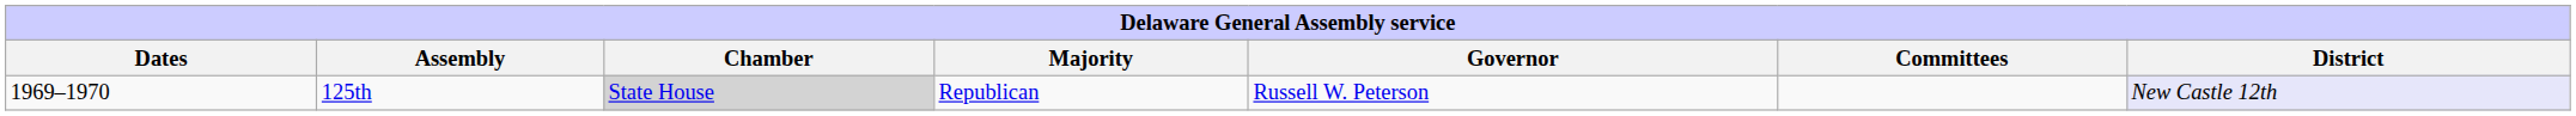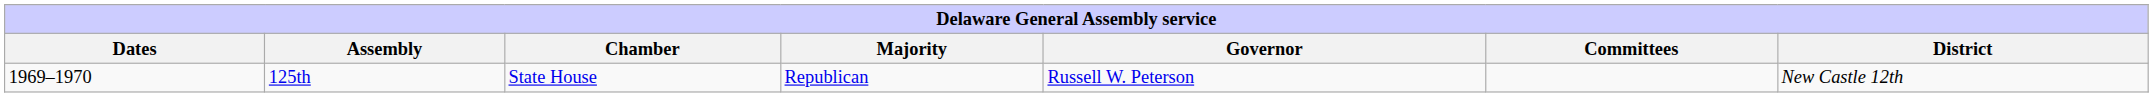 <table class=wikitable style="width: 94%" style="text-align: center;" align="center">
 <tr bgcolor=#cccccc>
 <th colspan=7 style="background: #ccccff;">Delaware General Assembly service</th>
 </tr>
 <tr>
 <th><strong>Dates</strong></th>
 <th><strong>Assembly</strong></th>
 <th><strong>Chamber</strong></th>
 <th><strong>Majority</strong></th>
 <th><strong>Governor</strong></th>
 <th><strong>Committees</strong></th>
 <th><strong>District</strong></th>
 </tr>
 <tr>
 <td>1969–1970</td>
 <td><a href='#'>125th</a></td>
-<td style="background: lightgrey;"><a href='#'>State House</a></td>
+<td><a href='#'>State House</a></td>
 <td><a href='#'>Republican</a></td>
 <td><a href='#'>Russell W. Peterson</a></td>
 <td></td>
-<td style="background: lavender;"><em>New Castle 12th</em></td>
+<td><em>New Castle 12th</em></td>
 </tr>
 </table>
